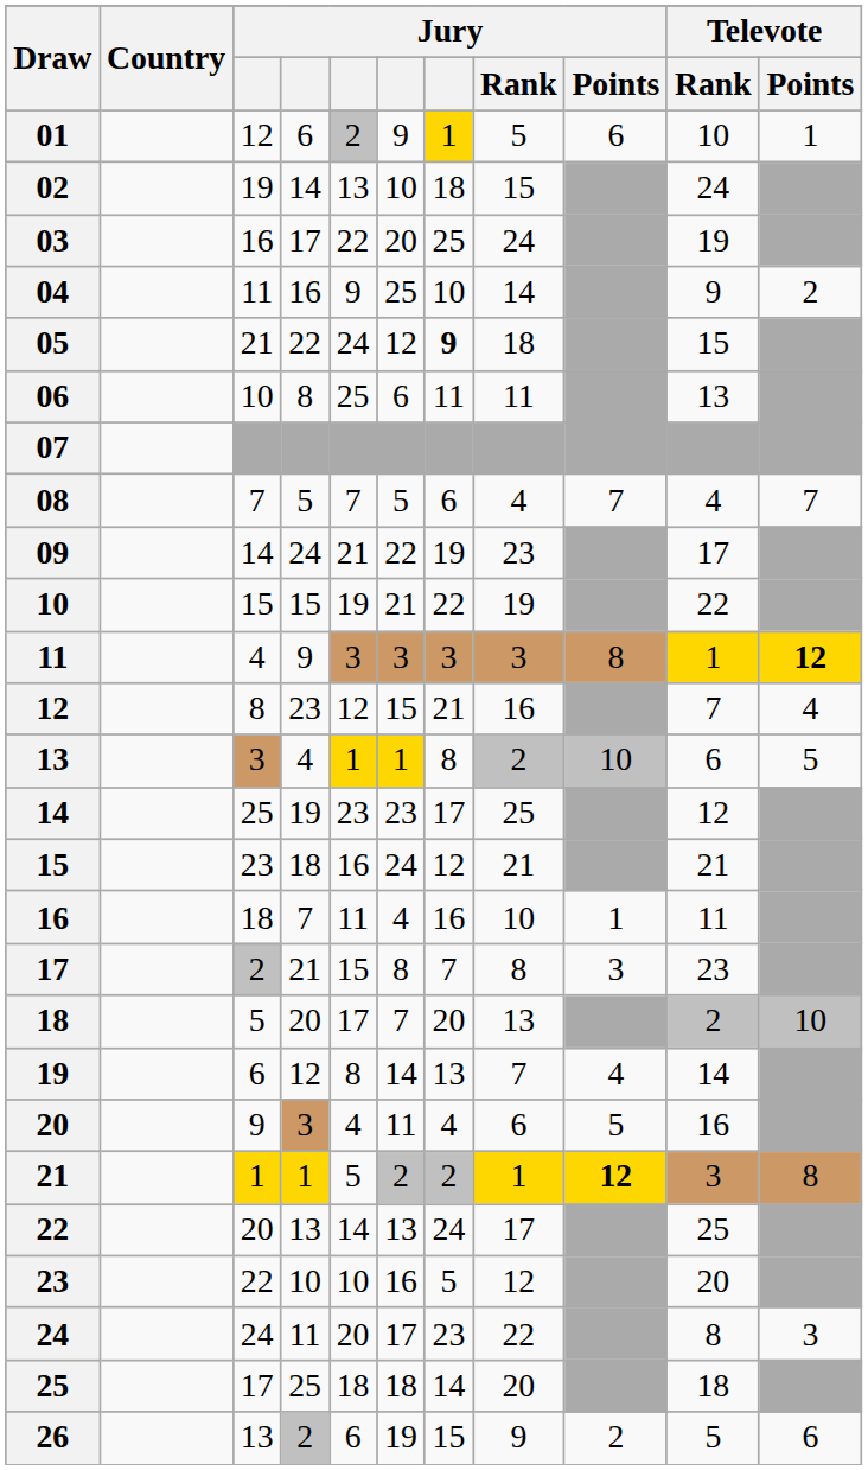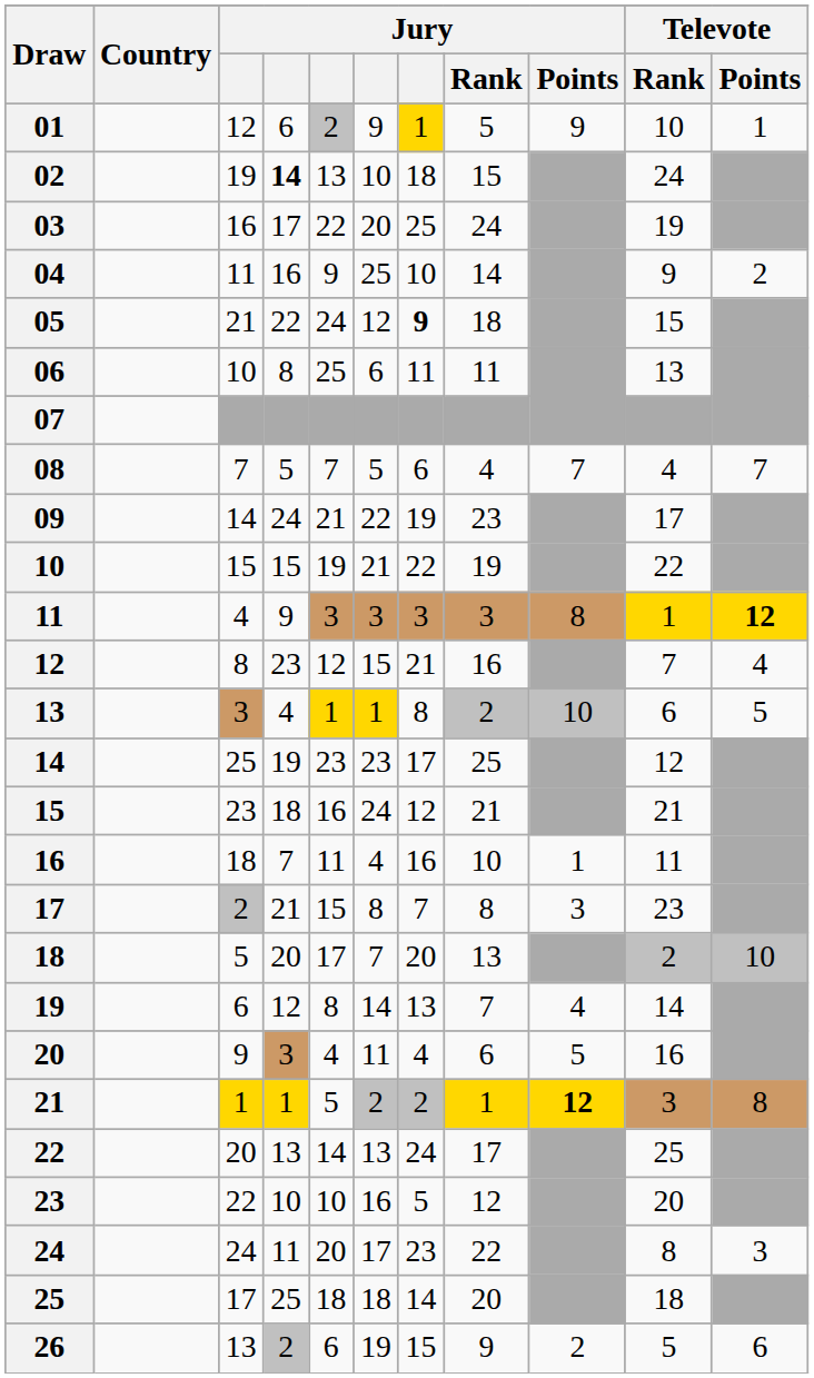 <table class="sortable wikitable collapsible plainrowheaders" style="text-align:center;">
 <tr>
 </tr>
 <tr>
 <th scope="col" rowspan="2">Draw</th>
 <th scope="col" rowspan="2">Country</th>
 <th scope="col" colspan="7">Jury</th>
 <th scope="col" colspan="2">Televote</th>
 </tr>
 <tr>
 <th scope="col"><small></small></th>
 <th scope="col"><small></small></th>
 <th scope="col"><small></small></th>
 <th scope="col"><small></small></th>
 <th scope="col"><small></small></th>
 <th scope="col">Rank</th>
 <th scope="col">Points</th>
 <th scope="col">Rank</th>
 <th scope="col">Points</th>
 </tr>
 <tr>
 <th scope="row" style="text-align:center;">01</th>
 <td style="text-align:left;"></td>
 <td>12</td>
 <td>6</td>
 <td style="background:silver;">2</td>
 <td>9</td>
 <td style="background:gold;">1</td>
 <td>5</td>
-<td>6</td>
+<td>9</td>
 <td>10</td>
 <td>1</td>
 </tr>
 <tr>
 <th scope="row" style="text-align:center;">02</th>
 <td style="text-align:left;"></td>
 <td>19</td>
-<td>14</td>
+<td><strong>14</strong></td>
 <td>13</td>
 <td>10</td>
 <td>18</td>
 <td>15</td>
 <td style="background:#AAAAAA;"></td>
 <td>24</td>
 <td style="background:#AAAAAA;"></td>
 </tr>
 <tr>
 <th scope="row" style="text-align:center;">03</th>
 <td style="text-align:left;"></td>
 <td>16</td>
 <td>17</td>
 <td>22</td>
 <td>20</td>
 <td>25</td>
 <td>24</td>
 <td style="background:#AAAAAA;"></td>
 <td>19</td>
 <td style="background:#AAAAAA;"></td>
 </tr>
 <tr>
 <th scope="row" style="text-align:center;">04</th>
 <td style="text-align:left;"></td>
 <td>11</td>
 <td>16</td>
 <td>9</td>
 <td>25</td>
 <td>10</td>
 <td>14</td>
 <td style="background:#AAAAAA;"></td>
 <td>9</td>
 <td>2</td>
 </tr>
 <tr>
 <th scope="row" style="text-align:center;">05</th>
 <td style="text-align:left;"></td>
 <td>21</td>
 <td>22</td>
 <td>24</td>
 <td>12</td>
 <td><strong>9</strong></td>
 <td>18</td>
 <td style="background:#AAAAAA;"></td>
 <td>15</td>
 <td style="background:#AAAAAA;"></td>
 </tr>
 <tr>
 <th scope="row" style="text-align:center;">06</th>
 <td style="text-align:left;"></td>
 <td>10</td>
 <td>8</td>
 <td>25</td>
 <td>6</td>
 <td>11</td>
 <td>11</td>
 <td style="background:#AAAAAA;"></td>
 <td>13</td>
 <td style="background:#AAAAAA;"></td>
 </tr>
 <tr class="sortbottom">
 <th scope="row" style="text-align:center;">07</th>
 <td style="text-align:left;"></td>
 <td style="background:#AAAAAA;"></td>
 <td style="background:#AAAAAA;"></td>
 <td style="background:#AAAAAA;"></td>
 <td style="background:#AAAAAA;"></td>
 <td style="background:#AAAAAA;"></td>
 <td style="background:#AAAAAA;"></td>
 <td style="background:#AAAAAA;"></td>
 <td style="background:#AAAAAA;"></td>
 <td style="background:#AAAAAA;"></td>
 </tr>
 <tr>
 <th scope="row" style="text-align:center;">08</th>
 <td style="text-align:left;"></td>
 <td>7</td>
 <td>5</td>
 <td>7</td>
 <td>5</td>
 <td>6</td>
 <td>4</td>
 <td>7</td>
 <td>4</td>
 <td>7</td>
 </tr>
 <tr>
 <th scope="row" style="text-align:center;">09</th>
 <td style="text-align:left;"></td>
 <td>14</td>
 <td>24</td>
 <td>21</td>
 <td>22</td>
 <td>19</td>
 <td>23</td>
 <td style="background:#AAAAAA;"></td>
 <td>17</td>
 <td style="background:#AAAAAA;"></td>
 </tr>
 <tr>
 <th scope="row" style="text-align:center;">10</th>
 <td style="text-align:left;"></td>
 <td>15</td>
 <td>15</td>
 <td>19</td>
 <td>21</td>
 <td>22</td>
 <td>19</td>
 <td style="background:#AAAAAA;"></td>
 <td>22</td>
 <td style="background:#AAAAAA;"></td>
 </tr>
 <tr>
 <th scope="row" style="text-align:center;">11</th>
 <td style="text-align:left;"></td>
 <td>4</td>
 <td>9</td>
 <td style="background:#CC9966;">3</td>
 <td style="background:#CC9966;">3</td>
 <td style="background:#CC9966;">3</td>
 <td style="background:#CC9966;">3</td>
 <td style="background:#CC9966;">8</td>
 <td style="background:gold;">1</td>
 <td style="background:gold;"><strong>12</strong></td>
 </tr>
 <tr>
 <th scope="row" style="text-align:center;">12</th>
 <td style="text-align:left;"></td>
 <td>8</td>
 <td>23</td>
 <td>12</td>
 <td>15</td>
 <td>21</td>
 <td>16</td>
 <td style="background:#AAAAAA;"></td>
 <td>7</td>
 <td>4</td>
 </tr>
 <tr>
 <th scope="row" style="text-align:center;">13</th>
 <td style="text-align:left;"></td>
 <td style="background:#CC9966;">3</td>
 <td>4</td>
 <td style="background:gold;">1</td>
 <td style="background:gold;">1</td>
 <td>8</td>
 <td style="background:silver;">2</td>
 <td style="background:silver;">10</td>
 <td>6</td>
 <td>5</td>
 </tr>
 <tr>
 <th scope="row" style="text-align:center;">14</th>
 <td style="text-align:left;"></td>
 <td>25</td>
 <td>19</td>
 <td>23</td>
 <td>23</td>
 <td>17</td>
 <td>25</td>
 <td style="background:#AAAAAA;"></td>
 <td>12</td>
 <td style="background:#AAAAAA;"></td>
 </tr>
 <tr>
 <th scope="row" style="text-align:center;">15</th>
 <td style="text-align:left;"></td>
 <td>23</td>
 <td>18</td>
 <td>16</td>
 <td>24</td>
 <td>12</td>
 <td>21</td>
 <td style="background:#AAAAAA;"></td>
 <td>21</td>
 <td style="background:#AAAAAA;"></td>
 </tr>
 <tr>
 <th scope="row" style="text-align:center;">16</th>
 <td style="text-align:left;"></td>
 <td>18</td>
 <td>7</td>
 <td>11</td>
 <td>4</td>
 <td>16</td>
 <td>10</td>
 <td>1</td>
 <td>11</td>
 <td style="background:#AAAAAA;"></td>
 </tr>
 <tr>
 <th scope="row" style="text-align:center;">17</th>
 <td style="text-align:left;"></td>
 <td style="background:silver;">2</td>
 <td>21</td>
 <td>15</td>
 <td>8</td>
 <td>7</td>
 <td>8</td>
 <td>3</td>
 <td>23</td>
 <td style="background:#AAAAAA;"></td>
 </tr>
 <tr>
 <th scope="row" style="text-align:center;">18</th>
 <td style="text-align:left;"></td>
 <td>5</td>
 <td>20</td>
 <td>17</td>
 <td>7</td>
 <td>20</td>
 <td>13</td>
 <td style="background:#AAAAAA;"></td>
 <td style="background:silver;">2</td>
 <td style="background:silver;">10</td>
 </tr>
 <tr>
 <th scope="row" style="text-align:center;">19</th>
 <td style="text-align:left;"></td>
 <td>6</td>
 <td>12</td>
 <td>8</td>
 <td>14</td>
 <td>13</td>
 <td>7</td>
 <td>4</td>
 <td>14</td>
 <td style="background:#AAAAAA;"></td>
 </tr>
 <tr>
 <th scope="row" style="text-align:center;">20</th>
 <td style="text-align:left;"></td>
 <td>9</td>
 <td style="background:#CC9966;">3</td>
 <td>4</td>
 <td>11</td>
 <td>4</td>
 <td>6</td>
 <td>5</td>
 <td>16</td>
 <td style="background:#AAAAAA;"></td>
 </tr>
 <tr>
 <th scope="row" style="text-align:center;">21</th>
 <td style="text-align:left;"></td>
 <td style="background:gold;">1</td>
 <td style="background:gold;">1</td>
 <td>5</td>
 <td style="background:silver;">2</td>
 <td style="background:silver;">2</td>
 <td style="background:gold;">1</td>
 <td style="background:gold;"><strong>12</strong></td>
 <td style="background:#CC9966;">3</td>
 <td style="background:#CC9966;">8</td>
 </tr>
 <tr>
 <th scope="row" style="text-align:center;">22</th>
 <td style="text-align:left;"></td>
 <td>20</td>
 <td>13</td>
 <td>14</td>
 <td>13</td>
 <td>24</td>
 <td>17</td>
 <td style="background:#AAAAAA;"></td>
 <td>25</td>
 <td style="background:#AAAAAA;"></td>
 </tr>
 <tr>
 <th scope="row" style="text-align:center;">23</th>
 <td style="text-align:left;"></td>
 <td>22</td>
 <td>10</td>
 <td>10</td>
 <td>16</td>
 <td>5</td>
 <td>12</td>
 <td style="background:#AAAAAA;"></td>
 <td>20</td>
 <td style="background:#AAAAAA;"></td>
 </tr>
 <tr>
 <th scope="row" style="text-align:center;">24</th>
 <td style="text-align:left;"></td>
 <td>24</td>
 <td>11</td>
 <td>20</td>
 <td>17</td>
 <td>23</td>
 <td>22</td>
 <td style="background:#AAAAAA;"></td>
 <td>8</td>
 <td>3</td>
 </tr>
 <tr>
 <th scope="row" style="text-align:center;">25</th>
 <td style="text-align:left;"></td>
 <td>17</td>
 <td>25</td>
 <td>18</td>
 <td>18</td>
 <td>14</td>
 <td>20</td>
 <td style="background:#AAAAAA;"></td>
 <td>18</td>
 <td style="background:#AAAAAA;"></td>
 </tr>
 <tr>
 <th scope="row" style="text-align:center;">26</th>
 <td style="text-align:left;"></td>
 <td>13</td>
 <td style="background:silver;">2</td>
 <td>6</td>
 <td>19</td>
 <td>15</td>
 <td>9</td>
 <td>2</td>
 <td>5</td>
 <td>6</td>
 </tr>
 </table>
